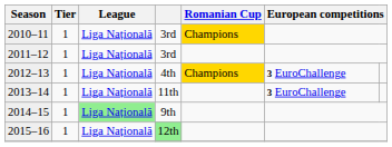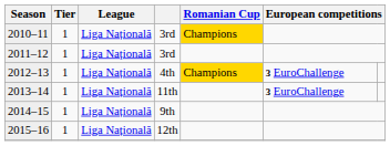 <table class="wikitable" style="font-size:85%">
 <tr bgcolor=>
 <th>Season</th>
 <th>Tier</th>
 <th>League</th>
 <th></th>
 <th><a href='#'>Romanian Cup</a></th>
 <th colspan=2>European competitions</th>
 </tr>
 <tr>
 <td style="background:#efefef;">2010–11</td>
 <td align="center">1</td>
 <td><a href='#'>Liga Națională</a></td>
 <td style="text-align:center;">3rd</td>
 <td bgcolor=gold>Champions</td>
 <td colspan=2></td>
 </tr>
 <tr>
 <td style="background:#efefef;">2011–12</td>
 <td align="center">1</td>
 <td><a href='#'>Liga Națională</a></td>
 <td style="text-align:center;">3rd</td>
 <td></td>
 <td colspan=2></td>
 </tr>
 <tr>
 <td style="background:#efefef;">2012–13</td>
 <td align="center">1</td>
 <td><a href='#'>Liga Națională</a></td>
 <td style="text-align:center;">4th</td>
 <td bgcolor=gold>Champions</td>
 <td><small><strong>3</strong></small> <a href='#'>EuroChallenge</a></td>
 <td style="text-align:center;"></td>
 </tr>
 <tr>
 <td style="background:#efefef;">2013–14</td>
 <td align="center">1</td>
 <td><a href='#'>Liga Națională</a></td>
 <td style="text-align:center;">11th</td>
 <td></td>
 <td><small><strong>3</strong></small> <a href='#'>EuroChallenge</a></td>
 <td style="text-align:center;"></td>
 </tr>
 <tr>
 <td style="background:#efefef;">2014–15</td>
 <td align="center">1</td>
-<td style="background: lightgreen;"><a href='#'>Liga Națională</a></td>
+<td><a href='#'>Liga Națională</a></td>
 <td style="text-align:center;">9th</td>
 <td></td>
 <td colspan=2></td>
 </tr>
 <tr>
 <td style="background:#efefef;">2015–16</td>
 <td align="center">1</td>
 <td><a href='#'>Liga Națională</a></td>
-<td style="background: lightgreen; text-align:center;">12th</td>
+<td style="text-align:center;">12th</td>
 <td></td>
 <td colspan=2></td>
 </tr>
 <tr>
 </tr>
 </table>
